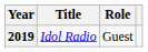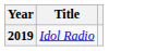 <table class="wikitable plainrowheaders sortable"  style=font-size:100%>
 <tr>
 <th scope="col">Year</th>
 <th scope="col">Title</th>
-<th scope="col">Role</th>
 <th scope="col" class="unsortable"></th>
 </tr>
 <tr>
 <th scope="row">2019</th>
 <td><em><a href='#'>Idol Radio</a></em></td>
-<td>Guest</td>
 <td style="text-align:center;"></td>
 </tr>
 </table>
